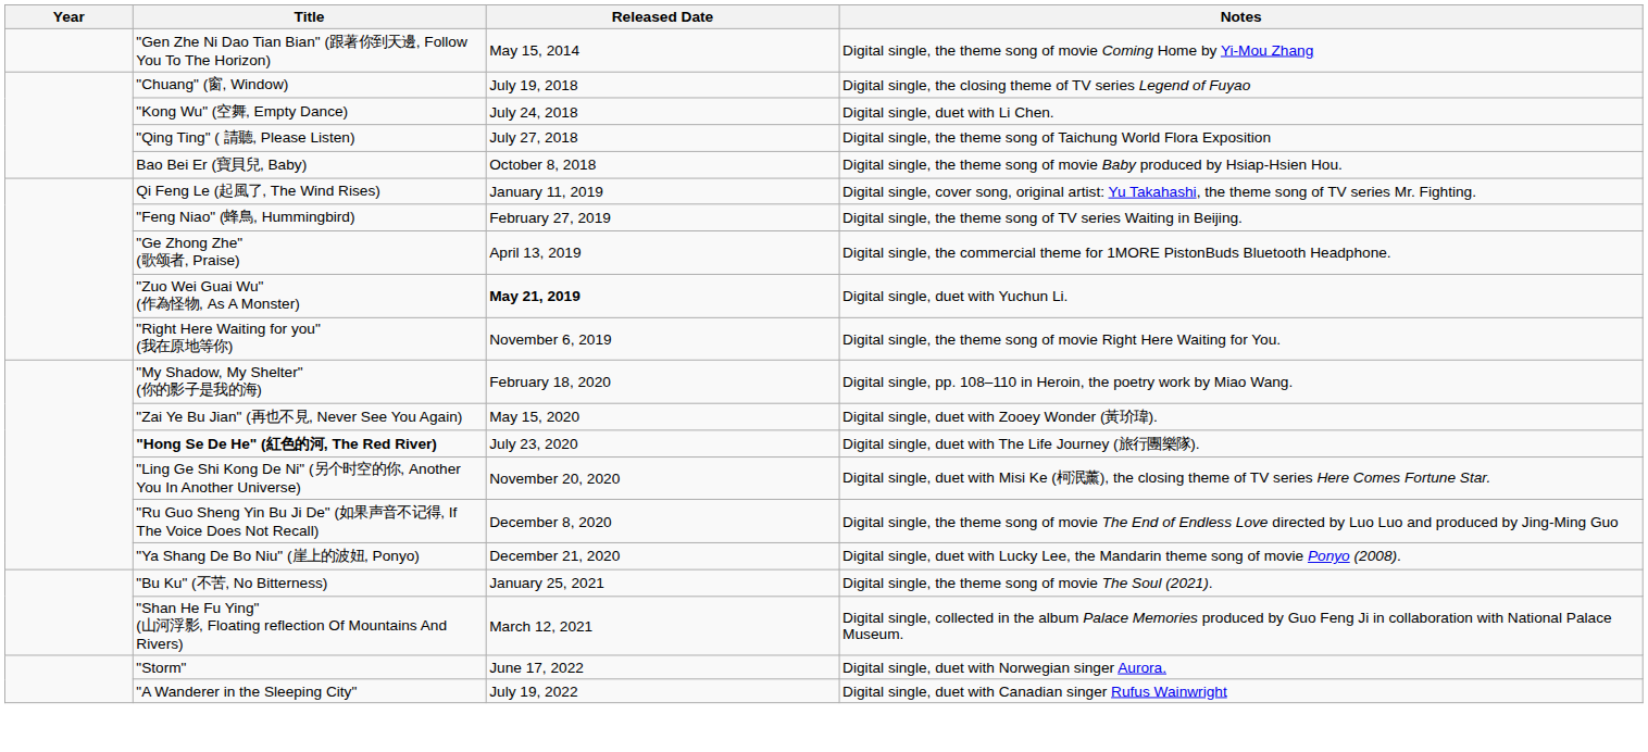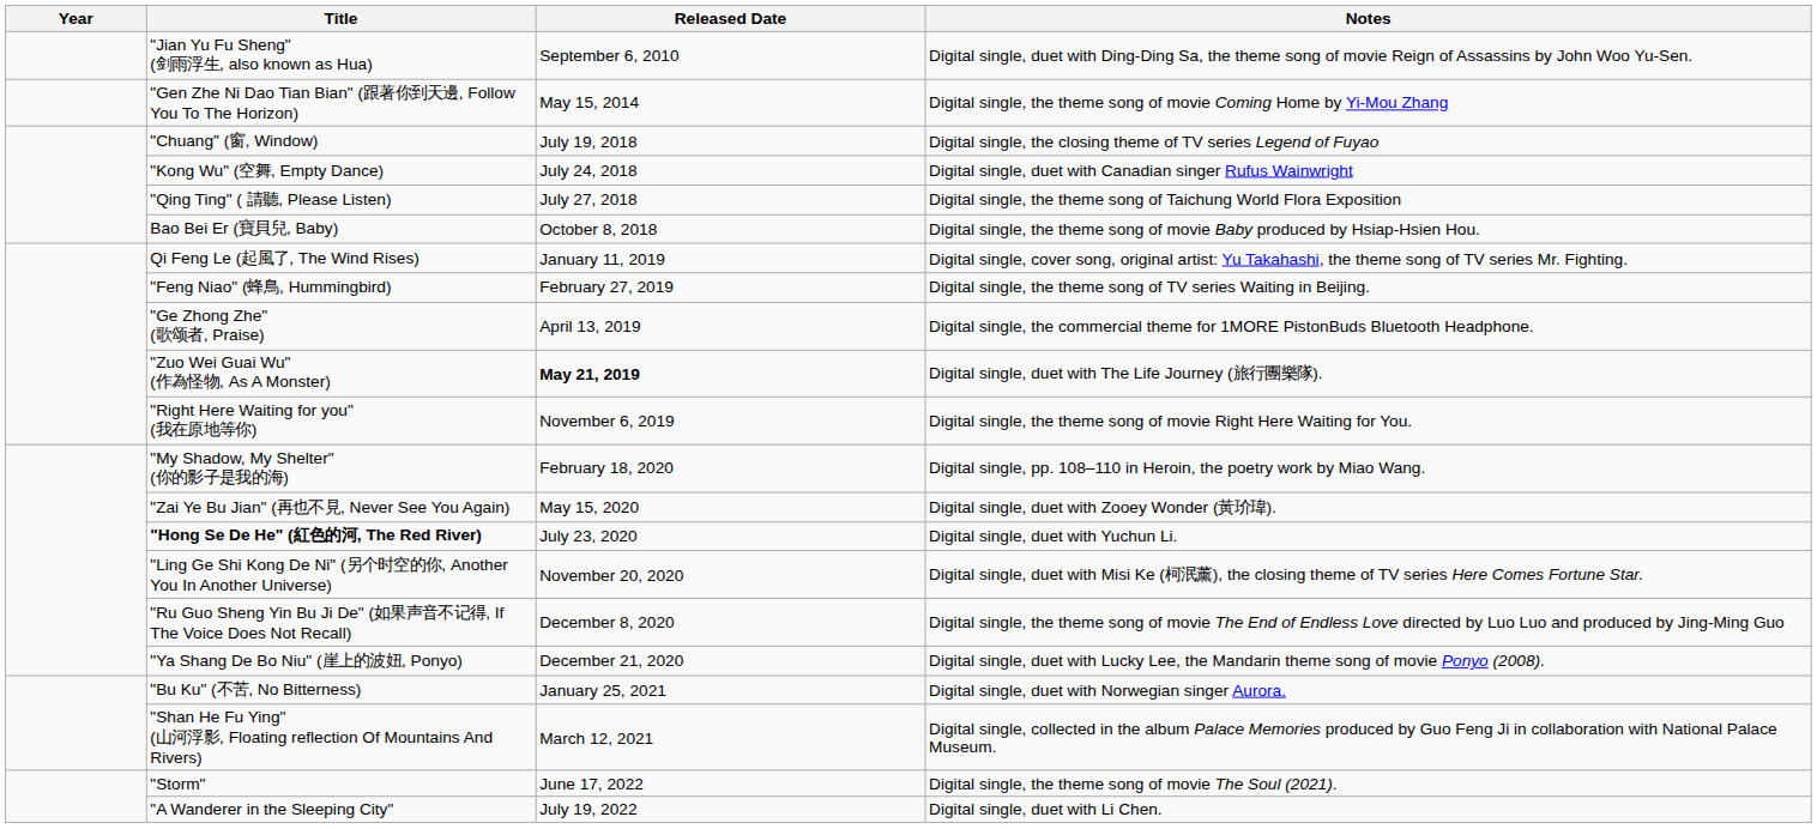 <table class="wikitable" width="80%" style="font-size:90%">
 <tr>
 <th align="left" width="50px">Year</th>
 <th align="left" width="150px">Title</th>
 <th align="left" width="150px">Released Date</th>
 <th align="left" width="350px">Notes</th>
+</tr>
+<tr>
+<td></td>
+<td>"Jian Yu Fu Sheng"<br>(剑雨浮生, also known as Hua)</td>
+<td>September 6, 2010</td>
+<td>Digital single, duet with Ding-Ding Sa, the theme song of movie Reign of Assassins by John Woo Yu-Sen.</td>
 </tr>
 <tr>
 <td></td>
 <td>"Gen Zhe Ni Dao Tian Bian" (跟著你到天邊, Follow You To The Horizon)</td>
 <td>May 15, 2014</td>
 <td>Digital single, the theme song of movie <em>Coming</em> Home by <a href='#'>Yi-Mou Zhang</a></td>
 </tr>
 <tr>
 <td rowspan="4"></td>
 <td>"Chuang" (窗, Window)</td>
 <td>July 19, 2018</td>
 <td>Digital single, the closing theme of TV series <em>Legend of Fuyao</em></td>
 </tr>
 <tr>
 <td>"Kong Wu" (空舞, Empty Dance)</td>
 <td>July 24, 2018</td>
-<td>Digital single, duet with Li Chen.</td>
+<td>Digital single, duet with Canadian singer <a href='#'>Rufus Wainwright</a></td>
 </tr>
 <tr>
 <td>"Qing Ting" ( 請聽, Please Listen)</td>
 <td>July 27, 2018</td>
 <td>Digital single, the theme song of Taichung World Flora Exposition</td>
 </tr>
 <tr>
 <td>Bao Bei Er (寶貝兒, Baby)</td>
 <td>October 8, 2018</td>
 <td>Digital single, the theme song of movie <em>Baby</em> produced by Hsiap-Hsien Hou.</td>
 </tr>
 <tr>
 <td rowspan="5"></td>
 <td>Qi  Feng  Le (起風了, The Wind Rises)</td>
 <td>January 11, 2019</td>
 <td>Digital single, cover song, original artist: <a href='#'>Yu Takahashi</a>, the theme song of TV series Mr. Fighting.</td>
 </tr>
 <tr>
 <td>"Feng Niao" (蜂鳥, Hummingbird)</td>
 <td>February 27, 2019</td>
 <td>Digital single, the theme song of TV series Waiting in Beijing.</td>
 </tr>
 <tr>
 <td>"Ge Zhong Zhe"<br>(歌颂者, Praise)</td>
 <td>April 13, 2019</td>
 <td>Digital single, the commercial theme for 1MORE PistonBuds Bluetooth Headphone.</td>
 </tr>
 <tr>
 <td>"Zuo Wei Guai Wu"<br>(作為怪物, As A Monster)</td>
 <td><strong>May 21, 2019</strong></td>
-<td>Digital single, duet with Yuchun Li.</td>
+<td>Digital single, duet with The Life Journey (旅行團樂隊).</td>
 </tr>
 <tr>
 <td>"Right Here Waiting for you"<br>(我在原地等你)</td>
 <td>November 6, 2019</td>
 <td>Digital single, the theme song of movie Right Here Waiting for You.</td>
 </tr>
 <tr>
 <td rowspan="6"></td>
 <td>"My Shadow, My Shelter"<br>(你的影子是我的海)</td>
 <td>February 18, 2020</td>
 <td>Digital single, pp. 108–110 in Heroin, the poetry work by Miao Wang.</td>
 </tr>
 <tr>
 <td>"Zai Ye Bu Jian" (再也不見, Never See You Again)</td>
 <td>May 15, 2020</td>
 <td>Digital single, duet with Zooey Wonder (黃玠瑋).</td>
 </tr>
 <tr>
 <td><strong>"Hong Se De He" (紅色的河, The Red River)</strong></td>
 <td>July 23, 2020</td>
-<td>Digital single, duet with The Life Journey (旅行團樂隊).</td>
+<td>Digital single, duet with Yuchun Li.</td>
 </tr>
 <tr>
 <td>"Ling Ge Shi Kong De Ni" (另个时空的你, Another You In Another Universe)</td>
 <td>November 20, 2020</td>
 <td>Digital single, duet with Misi Ke (柯泯薰), the closing theme of TV series <em>Here Comes Fortune Star.</em></td>
 </tr>
 <tr>
 <td>"Ru Guo Sheng Yin Bu Ji De" (如果声音不记得, If The Voice Does Not Recall)</td>
 <td>December 8, 2020</td>
 <td>Digital single, the theme song of movie <em>The End of Endless Love</em> directed by Luo Luo and produced by Jing-Ming Guo</td>
 </tr>
 <tr>
 <td>"Ya Shang De Bo Niu" (崖上的波妞, Ponyo)</td>
 <td>December 21, 2020</td>
 <td>Digital single, duet with Lucky Lee, the Mandarin theme song of movie <em><a href='#'>Ponyo</a> (2008)</em>.</td>
 </tr>
 <tr>
 <td rowspan="2"></td>
 <td>"Bu Ku" (不苦, No Bitterness)</td>
 <td>January 25, 2021</td>
-<td>Digital single, the theme song of movie <em>The Soul (2021)</em>.</td>
+<td>Digital single, duet with Norwegian singer <a href='#'>Aurora.</a></td>
 </tr>
 <tr>
 <td>"Shan He Fu Ying"<br>(山河浮影, Floating reflection Of Mountains And Rivers)</td>
 <td>March 12, 2021</td>
 <td>Digital single, collected in the album <em>Palace Memories</em> produced by Guo Feng Ji in collaboration with National Palace Museum.</td>
 </tr>
 <tr>
 <td rowspan="2'"></td>
 <td>"Storm"</td>
 <td>June 17, 2022</td>
-<td>Digital single, duet with Norwegian singer <a href='#'>Aurora.</a></td>
+<td>Digital single, the theme song of movie <em>The Soul (2021)</em>.</td>
 </tr>
 <tr>
 <td>"A Wanderer in the Sleeping City"</td>
 <td>July 19, 2022</td>
-<td>Digital single, duet with Canadian singer <a href='#'>Rufus Wainwright</a></td>
+<td>Digital single, duet with Li Chen.</td>
 </tr>
 </table>
